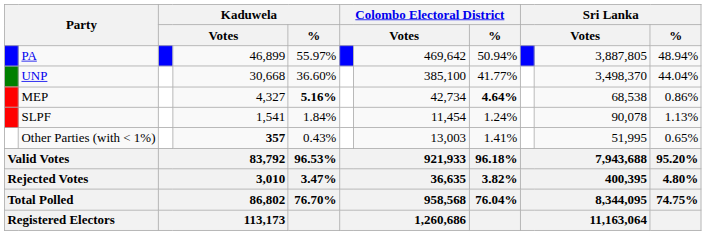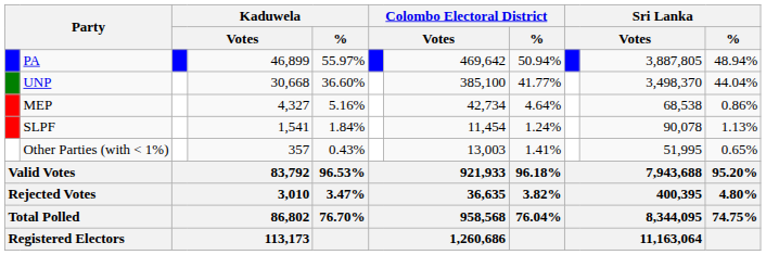 <table class="wikitable">
 <tr>
 <th colspan="2" width="144px"rowspan="2">Party</th>
 <th colspan="3" width="216px">Kaduwela</th>
 <th colspan="3" width="216px"><a href='#'>Colombo Electoral District</a></th>
 <th colspan="3" width="216px">Sri Lanka</th>
 </tr>
 <tr>
 <th colspan="2" width="144px">Votes</th>
 <th>%</th>
 <th colspan="2" width="144px">Votes</th>
 <th>%</th>
 <th colspan="2" width="144px">Votes</th>
 <th>%</th>
 </tr>
 <tr>
 <td style="background-color:blue;" width="10px"></td>
 <td style="text-align:left;"><a href='#'>PA</a></td>
 <td style="background-color:blue;" width="10px"></td>
 <td style="text-align:right;">46,899</td>
 <td style="text-align:right;">55.97%</td>
 <td style="background-color:blue;" width="10px"></td>
 <td style="text-align:right;">469,642</td>
 <td style="text-align:right;">50.94%</td>
 <td style="background-color:blue;" width="10px"></td>
 <td style="text-align:right;">3,887,805</td>
 <td style="text-align:right;">48.94%</td>
 </tr>
 <tr>
 <td style="background-color:green;" width="10px"></td>
 <td style="text-align:left;"><a href='#'>UNP</a></td>
 <td style="background-color:white;" width="10px"></td>
 <td style="text-align:right;">30,668</td>
 <td style="text-align:right;">36.60%</td>
 <td style="background-color:white;" width="10px"></td>
 <td style="text-align:right;">385,100</td>
 <td style="text-align:right;">41.77%</td>
 <td style="background-color:white;" width="10px"></td>
 <td style="text-align:right;">3,498,370</td>
 <td style="text-align:right;">44.04%</td>
 </tr>
 <tr>
 <td style="background-color:red;" width="10px"></td>
 <td style="text-align:left;">MEP</td>
 <td style="background-color:white;" width="10px"></td>
 <td style="text-align:right;">4,327</td>
-<td style="text-align:right;"><strong>5.16%</strong></td>
+<td style="text-align:right;">5.16%</td>
 <td style="background-color:white;" width="10px"></td>
 <td style="text-align:right;">42,734</td>
-<td style="text-align:right;"><strong>4.64%</strong></td>
+<td style="text-align:right;">4.64%</td>
 <td style="background-color:white;" width="10px"></td>
 <td style="text-align:right;">68,538</td>
 <td style="text-align:right;">0.86%</td>
 </tr>
 <tr>
 <td style="background-color:red;" width="10px"></td>
 <td style="text-align:left;">SLPF</td>
 <td style="background-color:white;" width="10px"></td>
 <td style="text-align:right;">1,541</td>
 <td style="text-align:right;">1.84%</td>
 <td style="background-color:white;" width="10px"></td>
 <td style="text-align:right;">11,454</td>
 <td style="text-align:right;">1.24%</td>
 <td style="background-color:white;" width="10px"></td>
 <td style="text-align:right;">90,078</td>
 <td style="text-align:right;">1.13%</td>
 </tr>
 <tr>
 <td style="background-color:white;" width="10px"></td>
 <td style="text-align:left;">Other Parties (with < 1%)</td>
 <td style="background-color:white;" width="10px"></td>
-<td style="text-align:right;"><strong>357</strong></td>
+<td style="text-align:right;">357</td>
 <td style="text-align:right;">0.43%</td>
 <td style="background-color:white;" width="10px"></td>
 <td style="text-align:right;">13,003</td>
 <td style="text-align:right;">1.41%</td>
 <td style="background-color:white;" width="10px"></td>
 <td style="text-align:right;">51,995</td>
 <td style="text-align:right;">0.65%</td>
 </tr>
 <tr>
 <th colspan="2" width="144px"style="text-align:left;">Valid Votes</th>
 <th style="text-align:right;"colspan="2" width="144px">83,792</th>
 <th style="text-align:right;">96.53%</th>
 <th style="text-align:right;"colspan="2" width="144px">921,933</th>
 <th style="text-align:right;">96.18%</th>
 <th style="text-align:right;"colspan="2" width="144px">7,943,688</th>
 <th style="text-align:right;">95.20%</th>
 </tr>
 <tr>
 <th colspan="2" width="144px"style="text-align:left;">Rejected Votes</th>
 <th style="text-align:right;"colspan="2" width="144px">3,010</th>
 <th style="text-align:right;">3.47%</th>
 <th style="text-align:right;"colspan="2" width="144px">36,635</th>
 <th style="text-align:right;">3.82%</th>
 <th style="text-align:right;"colspan="2" width="144px">400,395</th>
 <th style="text-align:right;">4.80%</th>
 </tr>
 <tr>
 <th colspan="2" width="144px"style="text-align:left;">Total Polled</th>
 <th style="text-align:right;"colspan="2" width="144px">86,802</th>
 <th style="text-align:right;">76.70%</th>
 <th style="text-align:right;"colspan="2" width="144px">958,568</th>
 <th style="text-align:right;">76.04%</th>
 <th style="text-align:right;"colspan="2" width="144px">8,344,095</th>
 <th style="text-align:right;">74.75%</th>
 </tr>
 <tr>
 <th colspan="2" width="144px"style="text-align:left;">Registered Electors</th>
 <th style="text-align:right;"colspan="2" width="144px">113,173</th>
 <th></th>
 <th style="text-align:right;"colspan="2" width="144px">1,260,686</th>
 <th></th>
 <th style="text-align:right;"colspan="2" width="144px">11,163,064</th>
 <th></th>
 </tr>
 </table>
